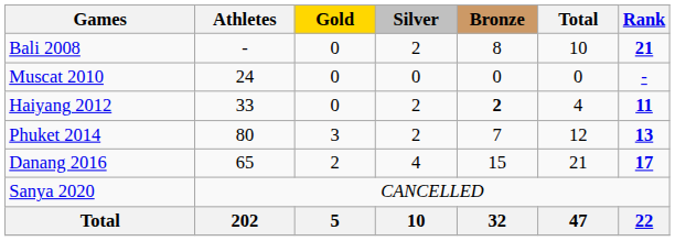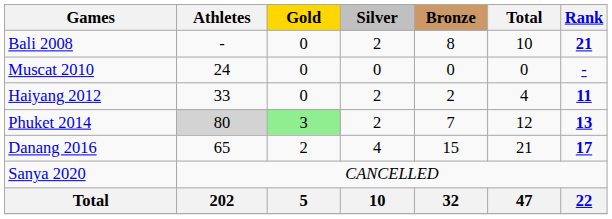 <table class="wikitable sortable" style="margin-top:0em; text-align:center; font-size:100%;">
 <tr>
 <th style="width:10em;">Games</th>
 <th scope="col" style="width:5em;">Athletes</th>
 <th style="width:4em; background:gold;">Gold</th>
 <th style="width:4em; background:silver;">Silver</th>
 <th style="width:4em; background:#cc9966;">Bronze</th>
 <th style="width:4em;">Total</th>
 <th style="width:2em;"><a href='#'>Rank</a></th>
 </tr>
 <tr>
 <td align=left> <a href='#'>Bali 2008</a></td>
 <td>-</td>
 <td>0</td>
 <td>2</td>
 <td>8</td>
 <td>10</td>
 <td><a href='#'><strong>21</strong></a></td>
 </tr>
 <tr>
 <td align=left> <a href='#'>Muscat 2010</a></td>
 <td>24</td>
 <td>0</td>
 <td>0</td>
 <td>0</td>
 <td>0</td>
 <td><a href='#'>-</a></td>
 </tr>
 <tr>
 <td align=left> <a href='#'>Haiyang 2012</a></td>
 <td>33</td>
 <td>0</td>
 <td>2</td>
-<td><strong>2</strong></td>
+<td>2</td>
 <td>4</td>
 <td><a href='#'><strong>11</strong></a></td>
 </tr>
 <tr>
 <td align=left> <a href='#'>Phuket 2014</a></td>
-<td>80</td>
-<td>3</td>
+<td style="background: lightgrey;">80</td>
+<td style="background: lightgreen;">3</td>
 <td>2</td>
 <td>7</td>
 <td>12</td>
 <td><a href='#'><strong>13</strong></a></td>
 </tr>
 <tr>
 <td align=left> <a href='#'>Danang 2016</a></td>
 <td>65</td>
 <td>2</td>
 <td>4</td>
 <td>15</td>
 <td>21</td>
 <td><a href='#'><strong>17</strong></a></td>
 </tr>
 <tr>
 <td align=left> <a href='#'>Sanya 2020</a></td>
 <td colspan=6><em>CANCELLED</em></td>
 </tr>
 <tr>
 <th><strong>Total</strong></th>
 <th><strong>202</strong></th>
 <th><strong>5</strong></th>
 <th><strong>10</strong></th>
 <th><strong>32</strong></th>
 <th><strong>47</strong></th>
 <th><strong><a href='#'>22</a></strong></th>
 </tr>
 <tr class="sortbottom">
 </tr>
 </table>
